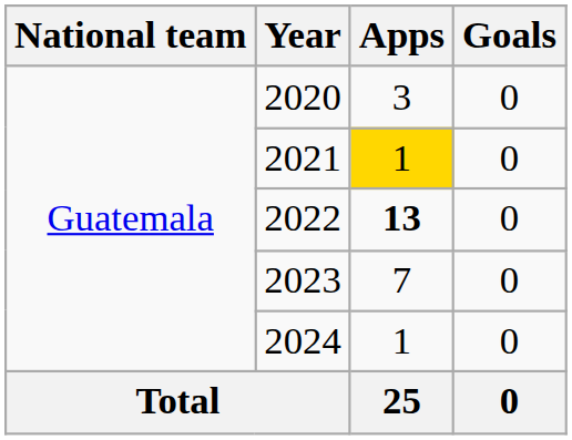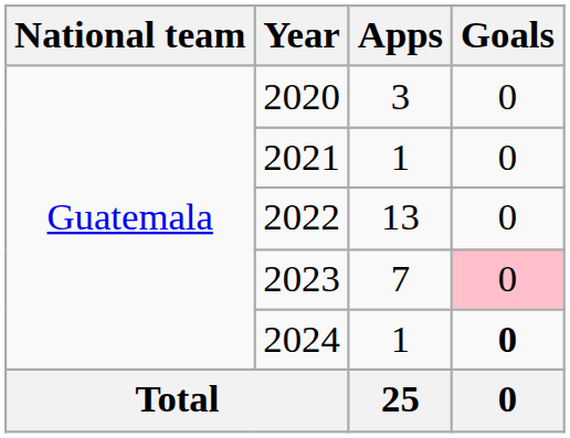 <table class="wikitable" style="text-align: center;">
 <tr>
 <th>National team</th>
 <th>Year</th>
 <th>Apps</th>
 <th>Goals</th>
 </tr>
 <tr>
 <td rowspan="5" valign="center"><a href='#'>Guatemala</a></td>
 <td>2020</td>
 <td>3</td>
 <td>0</td>
 </tr>
 <tr>
 <td>2021</td>
-<td style="background: gold;">1</td>
+<td>1</td>
 <td>0</td>
 </tr>
 <tr>
 <td>2022</td>
-<td><strong>13</strong></td>
+<td>13</td>
 <td>0</td>
 </tr>
 <tr>
 <td>2023</td>
 <td>7</td>
-<td>0</td>
+<td style="background: pink;">0</td>
 </tr>
 <tr>
 <td>2024</td>
 <td>1</td>
-<td>0</td>
+<td><strong>0</strong></td>
 </tr>
 <tr>
 <th colspan="2">Total</th>
 <th>25</th>
 <th>0</th>
 </tr>
 </table>
